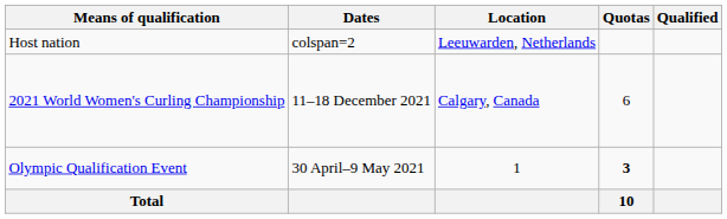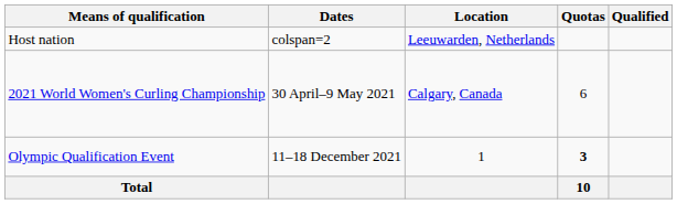 <table class="wikitable">
 <tr>
 <th>Means of qualification</th>
 <th>Dates</th>
 <th>Location</th>
 <th>Quotas</th>
 <th>Qualified</th>
 </tr>
 <tr>
 <td>Host nation</td>
 <td>colspan=2 </td>
 <td> <a href='#'>Leeuwarden</a>, <a href='#'>Netherlands</a></td>
 <td></td>
 </tr>
 <tr>
 <td><a href='#'>2021 World Women's Curling Championship</a></td>
-<td>11–18 December 2021</td>
+<td>30 April–9 May 2021</td>
 <td> <a href='#'>Calgary</a>, <a href='#'>Canada</a></td>
 <td align=center>6</td>
 <td><br><br><br><br><br></td>
 </tr>
 <tr>
 <td><a href='#'>Olympic Qualification Event</a></td>
-<td>30 April–9 May 2021</td>
+<td>11–18 December 2021</td>
 <td align=center>1</td>
 <td align=center><strong>3</strong></td>
 <td><br><br></td>
 </tr>
 <tr>
 <th>Total</th>
 <th></th>
 <th></th>
 <th>10</th>
 <th></th>
 </tr>
 </table>
